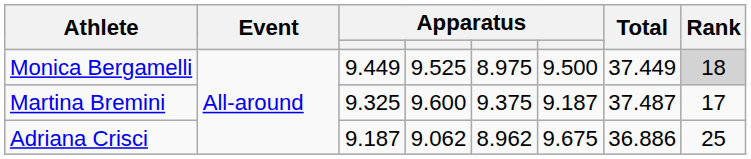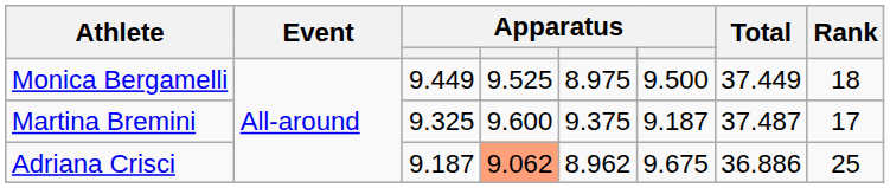 <table class="wikitable" style="font-size:90%">
 <tr>
 <th rowspan=2>Athlete</th>
 <th rowspan=2>Event</th>
 <th colspan =4>Apparatus</th>
 <th rowspan=2>Total</th>
 <th rowspan=2>Rank</th>
 </tr>
 <tr style="font-size:95%">
 <th></th>
 <th></th>
 <th></th>
 <th></th>
 </tr>
 <tr>
 <td align=left><a href='#'>Monica Bergamelli</a></td>
 <td align=left rowspan=3><a href='#'>All-around</a>     </td>
 <td align=center>9.449</td>
 <td align=center>9.525</td>
 <td align=center>8.975</td>
 <td align=center>9.500</td>
 <td align=center>37.449</td>
-<td align=center style="background: lightgrey;">18</td>
+<td align=center>18</td>
 </tr>
 <tr>
 <td align=left><a href='#'>Martina Bremini</a></td>
 <td align=center>9.325</td>
 <td align=center>9.600</td>
 <td align=center>9.375</td>
 <td align=center>9.187</td>
 <td align=center>37.487</td>
 <td align=center>17</td>
 </tr>
 <tr>
 <td align=left><a href='#'>Adriana Crisci</a></td>
 <td align=center>9.187</td>
-<td align=center>9.062</td>
+<td align=center style="background: lightsalmon;">9.062</td>
 <td align=center>8.962</td>
 <td align=center>9.675</td>
 <td align=center>36.886</td>
 <td align=center>25</td>
 </tr>
 </table>
